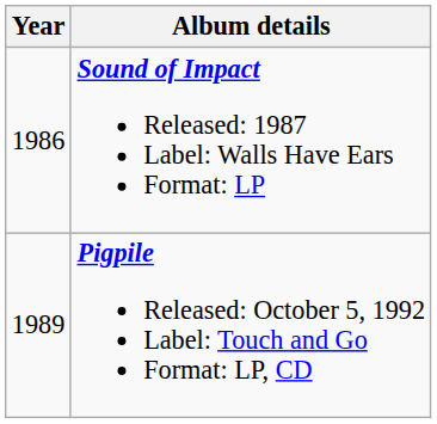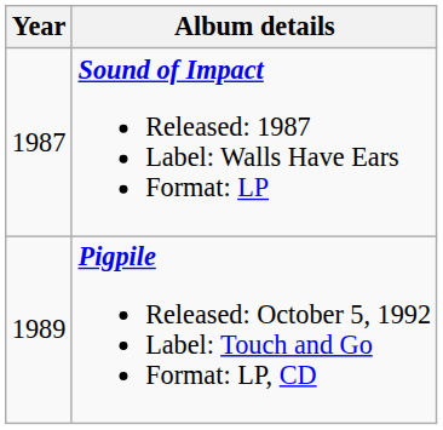 <table class ="wikitable">
 <tr>
 <th>Year</th>
 <th>Album details</th>
 </tr>
 <tr>
-<td>1986</td>
+<td>1987</td>
 <td><strong><em><a href='#'>Sound of Impact</a></em></strong><br><ul><li>Released: 1987</li><li>Label: Walls Have Ears</li><li>Format: <a href='#'>LP</a></li></ul></td>
 </tr>
 <tr>
 <td>1989</td>
 <td><strong><em><a href='#'>Pigpile</a></em></strong><br><ul><li>Released: October 5, 1992</li><li>Label: <a href='#'>Touch and Go</a></li><li>Format: LP, <a href='#'>CD</a></li></ul></td>
 </tr>
 </table>
